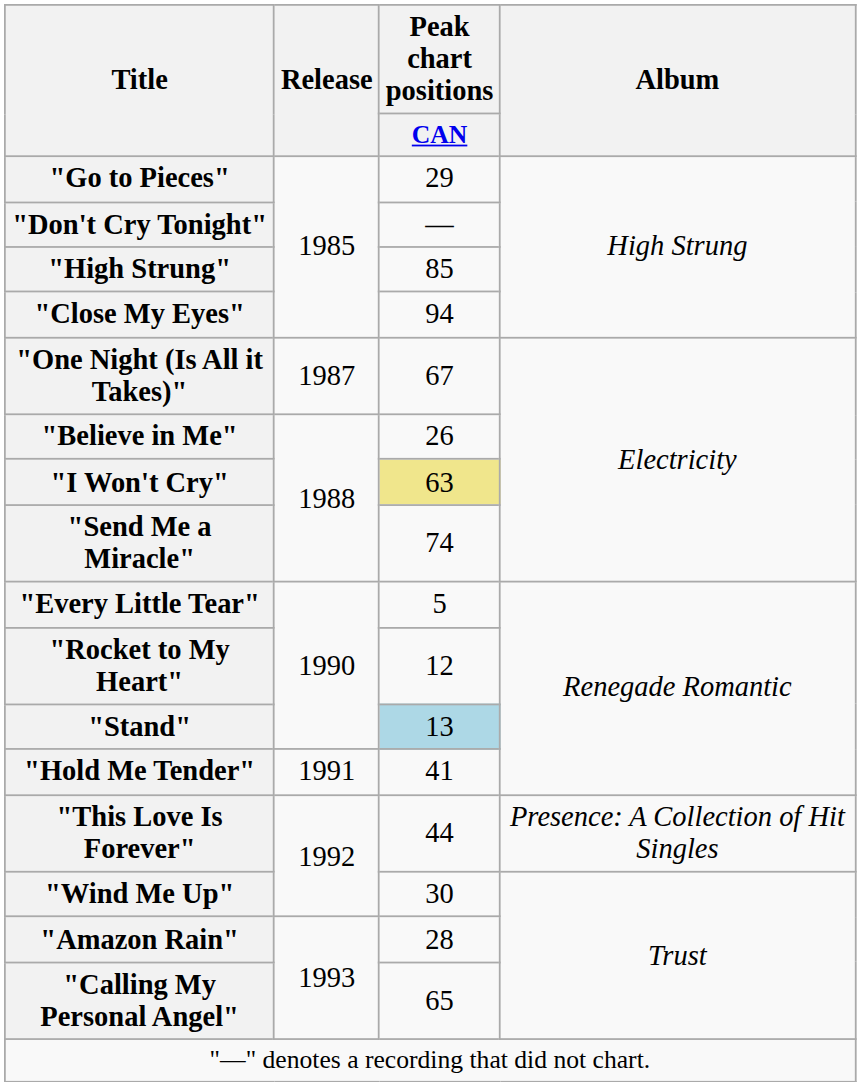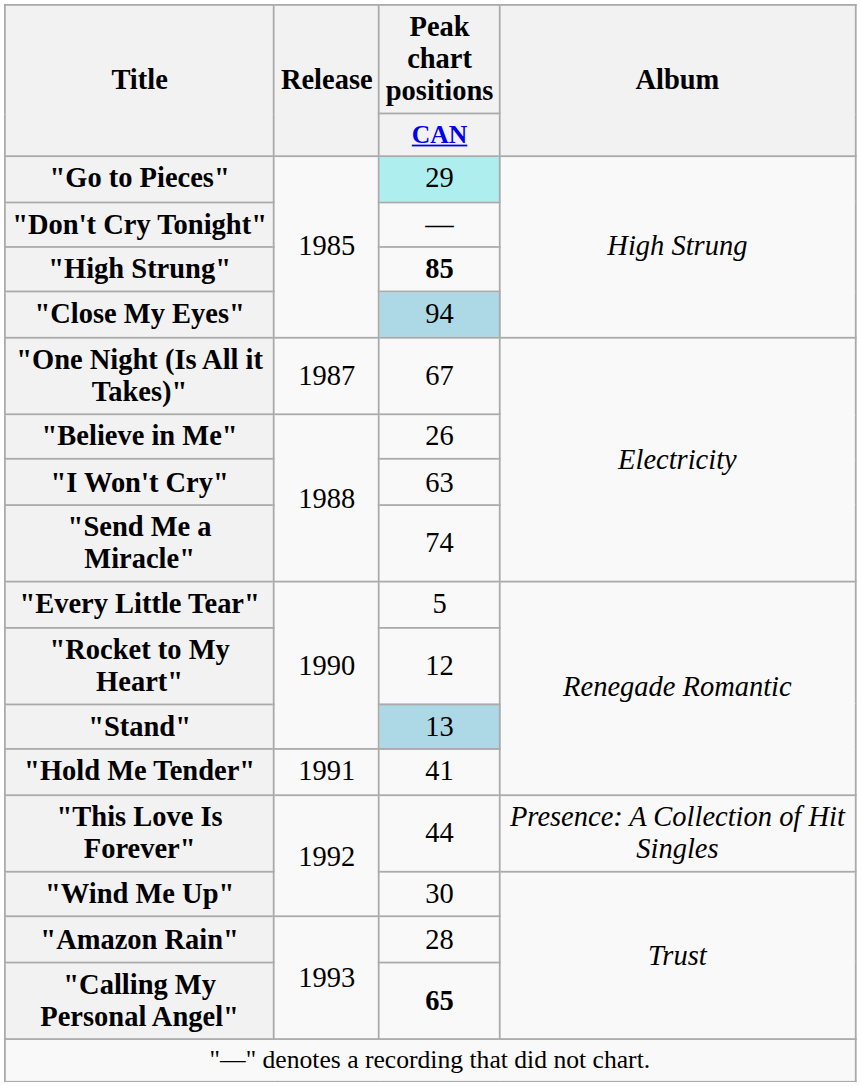 <table class="wikitable plainrowheaders" style="text-align:center;">
 <tr>
 <th scope="col" rowspan="2" style="width:9em;">Title</th>
 <th scope="col" rowspan="2" style="width:0.5em;">Release</th>
 <th colspan="1" scope="col">Peak chart positions</th>
 <th scope="col" rowspan="2" style="width:12em;">Album</th>
 </tr>
 <tr>
 <th scope="col" style="width:2.9em;font-size:90%;"><a href='#'>CAN</a></th>
 </tr>
 <tr>
 <th scope="row">"Go to Pieces"</th>
 <td rowspan=4>1985</td>
-<td>29</td>
+<td style="background: paleturquoise;">29</td>
 <td rowspan=4><em>High Strung</em></td>
 </tr>
 <tr>
 <th scope="row">"Don't Cry Tonight"</th>
 <td>—</td>
 </tr>
 <tr>
 <th scope="row">"High Strung"</th>
-<td>85</td>
+<td><strong>85</strong></td>
 </tr>
 <tr>
 <th scope="row">"Close My Eyes"</th>
-<td>94</td>
+<td style="background: lightblue;">94</td>
 </tr>
 <tr>
 <th scope="row">"One Night (Is All it Takes)"</th>
 <td>1987</td>
 <td>67</td>
 <td rowspan=4><em>Electricity</em></td>
 </tr>
 <tr>
 <th scope="row">"Believe in Me"</th>
 <td rowspan=3>1988</td>
 <td>26</td>
 </tr>
 <tr>
 <th scope="row">"I Won't Cry"</th>
-<td style="background: khaki;">63</td>
+<td>63</td>
 </tr>
 <tr>
 <th scope="row">"Send Me a Miracle"</th>
 <td>74</td>
 </tr>
 <tr>
 <th scope="row">"Every Little Tear"</th>
 <td rowspan=3>1990</td>
 <td>5</td>
 <td rowspan=4><em>Renegade Romantic</em></td>
 </tr>
 <tr>
 <th scope="row">"Rocket to My Heart"</th>
 <td>12</td>
 </tr>
 <tr>
 <th scope="row">"Stand"</th>
 <td style="background: lightblue;">13</td>
 </tr>
 <tr>
 <th scope="row">"Hold Me Tender"</th>
 <td>1991</td>
 <td>41</td>
 </tr>
 <tr>
 <th scope="row">"This Love Is Forever"</th>
 <td rowspan=2>1992</td>
 <td>44</td>
 <td><em>Presence: A Collection of Hit Singles</em></td>
 </tr>
 <tr>
 <th scope="row">"Wind Me Up"</th>
 <td>30</td>
 <td rowspan=3><em>Trust</em></td>
 </tr>
 <tr>
 <th scope="row">"Amazon Rain"</th>
 <td rowspan=2>1993</td>
 <td>28</td>
 </tr>
 <tr>
 <th scope="row">"Calling My Personal Angel"</th>
-<td>65</td>
+<td><strong>65</strong></td>
 </tr>
 <tr>
 <td colspan="4" style="font-size:90%">"—" denotes a recording that did not chart.</td>
 </tr>
 </table>
